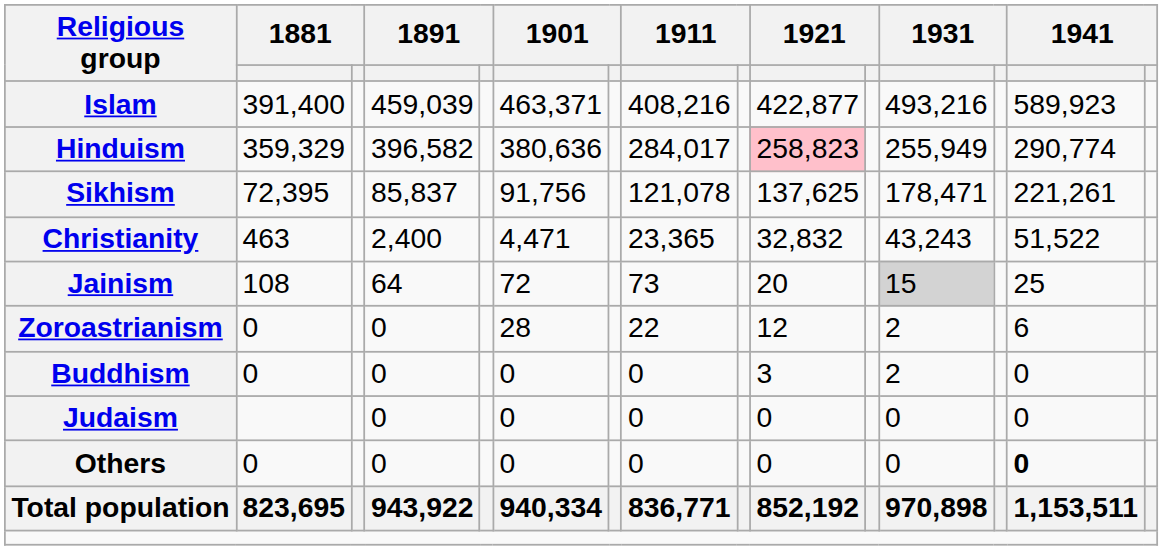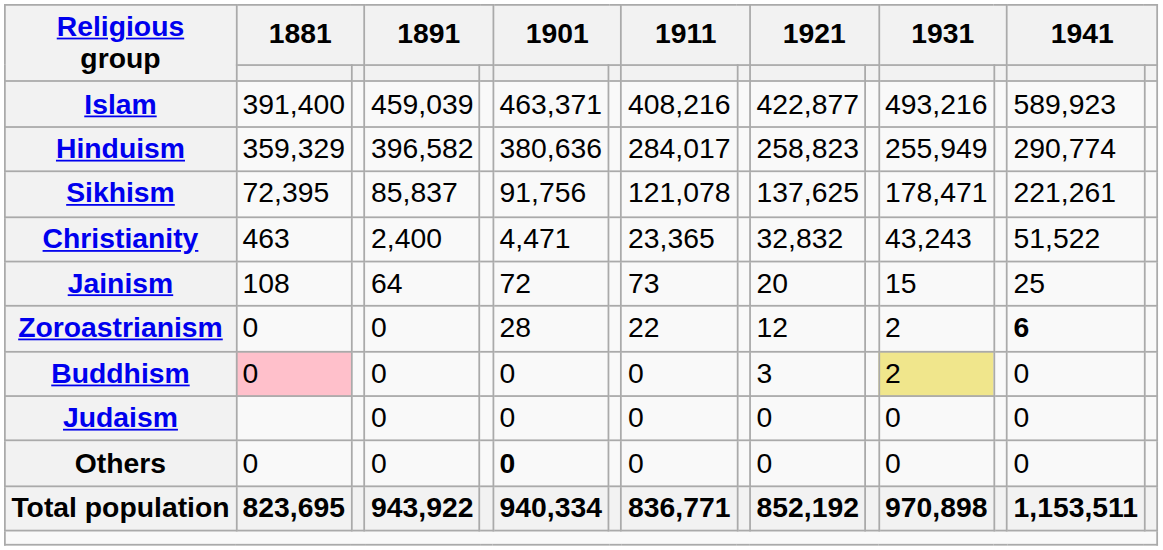 <table class="wikitable sortable">
 <tr>
 <th rowspan="2"><a href='#'>Religious</a><br>group</th>
 <th colspan="2">1881</th>
 <th colspan="2">1891</th>
 <th colspan="2">1901</th>
 <th colspan="2">1911</th>
 <th colspan="2">1921</th>
 <th colspan="2">1931</th>
 <th colspan="2">1941</th>
 </tr>
 <tr>
 <th><a href='#'></a></th>
 <th></th>
 <th></th>
 <th></th>
 <th></th>
 <th></th>
 <th></th>
 <th></th>
 <th></th>
 <th></th>
 <th></th>
 <th></th>
 <th></th>
 <th></th>
 </tr>
 <tr>
 <th><a href='#'>Islam</a> </th>
 <td>391,400</td>
 <td></td>
 <td>459,039</td>
 <td></td>
 <td>463,371</td>
 <td></td>
 <td>408,216</td>
 <td></td>
 <td>422,877</td>
 <td></td>
 <td>493,216</td>
 <td></td>
 <td>589,923</td>
 <td></td>
 </tr>
 <tr>
 <th><a href='#'>Hinduism</a> </th>
 <td>359,329</td>
 <td></td>
 <td>396,582</td>
 <td></td>
 <td>380,636</td>
 <td></td>
 <td>284,017</td>
 <td></td>
-<td style="background: pink;">258,823</td>
+<td>258,823</td>
 <td></td>
 <td>255,949</td>
 <td></td>
 <td>290,774</td>
 <td></td>
 </tr>
 <tr>
 <th><a href='#'>Sikhism</a> </th>
 <td>72,395</td>
 <td></td>
 <td>85,837</td>
 <td></td>
 <td>91,756</td>
 <td></td>
 <td>121,078</td>
 <td></td>
 <td>137,625</td>
 <td></td>
 <td>178,471</td>
 <td></td>
 <td>221,261</td>
 <td></td>
 </tr>
 <tr>
 <th><a href='#'>Christianity</a> </th>
 <td>463</td>
 <td></td>
 <td>2,400</td>
 <td></td>
 <td>4,471</td>
 <td></td>
 <td>23,365</td>
 <td></td>
 <td>32,832</td>
 <td></td>
 <td>43,243</td>
 <td></td>
 <td>51,522</td>
 <td></td>
 </tr>
 <tr>
 <th><a href='#'>Jainism</a> </th>
 <td>108</td>
 <td></td>
 <td>64</td>
 <td></td>
 <td>72</td>
 <td></td>
 <td>73</td>
 <td></td>
 <td>20</td>
 <td></td>
-<td style="background: lightgrey;">15</td>
+<td>15</td>
 <td></td>
 <td>25</td>
 <td></td>
 </tr>
 <tr>
 <th><a href='#'>Zoroastrianism</a> </th>
 <td>0</td>
 <td></td>
 <td>0</td>
 <td></td>
 <td>28</td>
 <td></td>
 <td>22</td>
 <td></td>
 <td>12</td>
 <td></td>
 <td>2</td>
 <td></td>
-<td>6</td>
+<td><strong>6</strong></td>
 <td></td>
 </tr>
 <tr>
 <th><a href='#'>Buddhism</a> </th>
-<td>0</td>
+<td style="background: pink;">0</td>
 <td></td>
 <td>0</td>
 <td></td>
 <td>0</td>
 <td></td>
 <td>0</td>
 <td></td>
 <td>3</td>
 <td></td>
-<td>2</td>
+<td style="background: khaki;">2</td>
 <td></td>
 <td>0</td>
 <td></td>
 </tr>
 <tr>
 <th><a href='#'>Judaism</a> </th>
 <td></td>
 <td></td>
 <td>0</td>
 <td></td>
 <td>0</td>
 <td></td>
 <td>0</td>
 <td></td>
 <td>0</td>
 <td></td>
 <td>0</td>
 <td></td>
 <td>0</td>
 <td></td>
 </tr>
 <tr>
 <th>Others</th>
 <td>0</td>
 <td></td>
 <td>0</td>
 <td></td>
+<td><strong>0</strong></td>
+<td></td>
 <td>0</td>
 <td></td>
 <td>0</td>
 <td></td>
 <td>0</td>
 <td></td>
 <td>0</td>
-<td></td>
-<td><strong>0</strong></td>
 <td></td>
 </tr>
 <tr>
 <th>Total population</th>
 <th>823,695</th>
 <th></th>
 <th>943,922</th>
 <th></th>
 <th>940,334</th>
 <th></th>
 <th>836,771</th>
 <th></th>
 <th>852,192</th>
 <th></th>
 <th>970,898</th>
 <th></th>
 <th>1,153,511</th>
 <th></th>
 </tr>
 <tr class="sortbottom">
 <td colspan="15"></td>
 </tr>
 </table>
